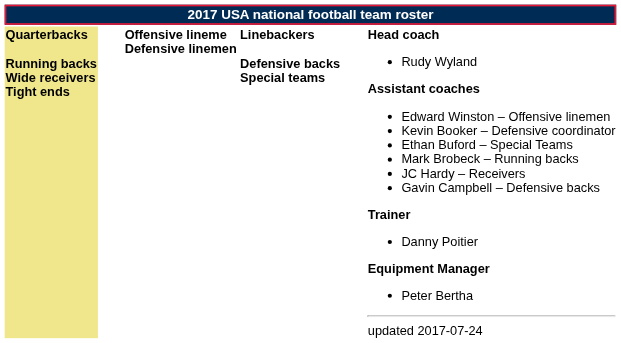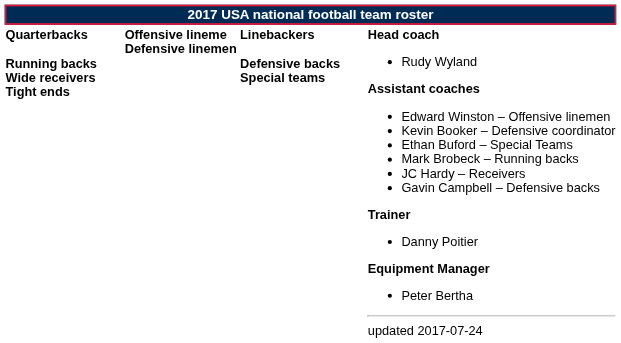 <table class="toccolours" style="text-align: left;">
 <tr>
 <th colspan="7" style="background:#002B54; border:2px solid #E31937; color:white; text-align:center;">2017 USA national football team roster</th>
 </tr>
 <tr>
-<td style="background: khaki; font-size: 95%;" valign="top"><strong>Quarterbacks</strong><br>    <br><strong>Running backs</strong>   <br><strong>Wide receivers</strong>         <br><strong>Tight ends</strong> </td>
+<td style="font-size: 95%;" valign="top"><strong>Quarterbacks</strong><br>    <br><strong>Running backs</strong>   <br><strong>Wide receivers</strong>         <br><strong>Tight ends</strong> </td>
 <td style="width: 25px;"></td>
 <td style="font-size: 95%;" valign="top"><strong>Offensive lineme</strong><br><strong>Defensive linemen</strong>    </td>
 <td style="font-size: 95%;" valign="top"><strong>Linebackers</strong><br>        <br><strong>Defensive backs</strong>       <br><strong>Special teams</strong> </td>
 <td style="width: 25px;"></td>
 <td style="font-size: 95%;" valign="top"><strong>Head coach</strong><br><ul><li>Rudy Wyland</li></ul><strong>Assistant coaches</strong><ul><li>Edward Winston – Offensive linemen</li><li>Kevin Booker – Defensive coordinator</li><li>Ethan Buford – Special Teams</li><li>Mark Brobeck – Running backs</li><li>JC Hardy – Receivers</li><li>Gavin Campbell – Defensive backs</li></ul><strong>Trainer</strong><ul><li>Danny Poitier</li></ul><strong>Equipment Manager</strong><ul><li>Peter Bertha</li></ul><hr> <span></span> updated 2017-07-24<br></td>
 </tr>
 <tr>
 </tr>
 </table>
